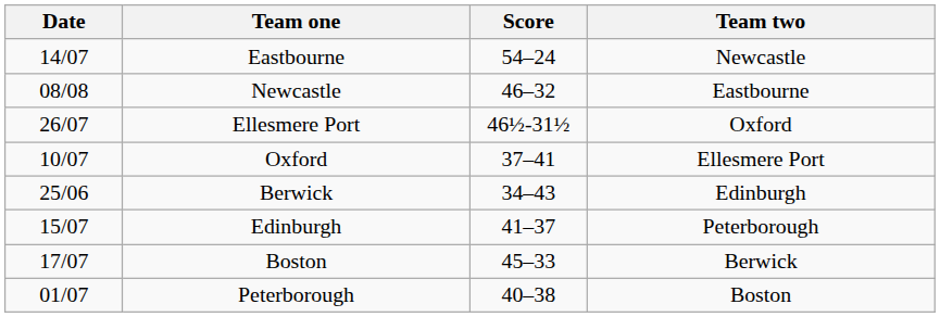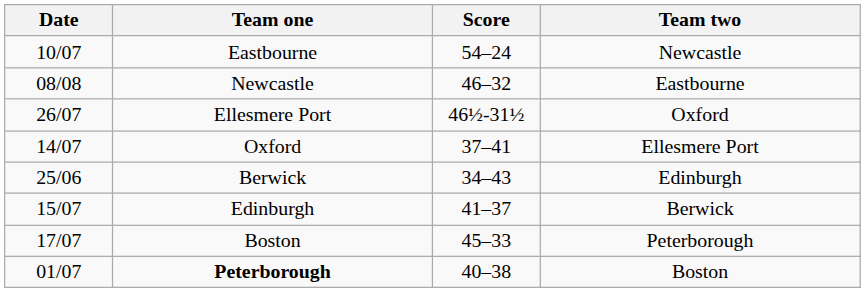 <table class="wikitable" style="text-align: center">
 <tr>
 <th width=80>Date</th>
 <th width=250>Team one</th>
 <th width=80>Score</th>
 <th width=250>Team two</th>
 </tr>
 <tr>
-<td>14/07</td>
+<td>10/07</td>
 <td>Eastbourne</td>
 <td>54–24</td>
 <td>Newcastle</td>
 </tr>
 <tr>
 <td>08/08</td>
 <td>Newcastle</td>
 <td>46–32</td>
 <td>Eastbourne</td>
 </tr>
 <tr>
 <td>26/07</td>
 <td>Ellesmere Port</td>
 <td>46½-31½</td>
 <td>Oxford</td>
 </tr>
 <tr>
-<td>10/07</td>
+<td>14/07</td>
 <td>Oxford</td>
 <td>37–41</td>
 <td>Ellesmere Port</td>
 </tr>
 <tr>
 <td>25/06</td>
 <td>Berwick</td>
 <td>34–43</td>
 <td>Edinburgh</td>
 </tr>
 <tr>
 <td>15/07</td>
 <td>Edinburgh</td>
 <td>41–37</td>
-<td>Peterborough</td>
+<td>Berwick</td>
 </tr>
 <tr>
 <td>17/07</td>
 <td>Boston</td>
 <td>45–33</td>
-<td>Berwick</td>
+<td>Peterborough</td>
 </tr>
 <tr>
 <td>01/07</td>
-<td>Peterborough</td>
+<td><strong>Peterborough</strong></td>
 <td>40–38</td>
 <td>Boston</td>
 </tr>
 </table>
